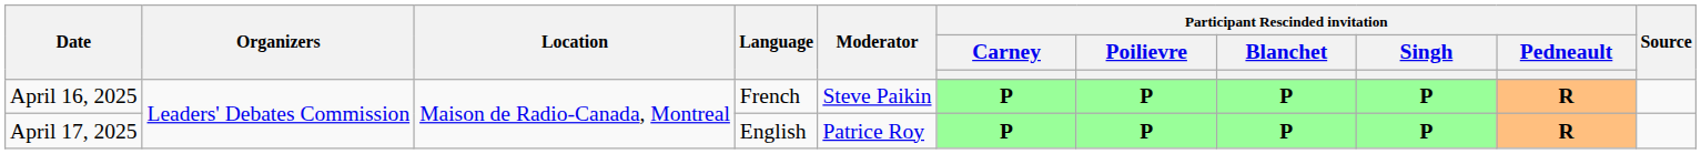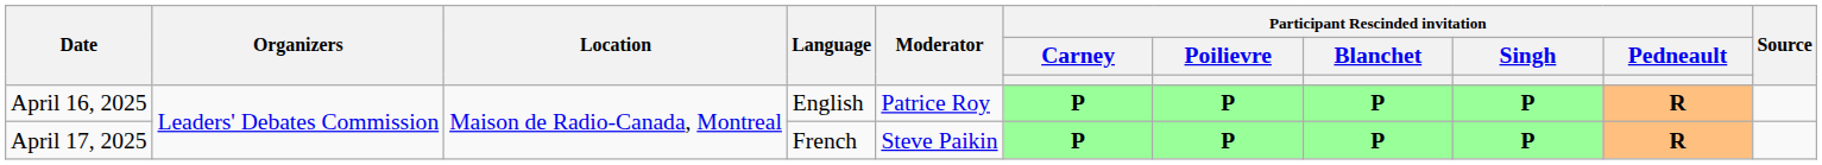 <table class="wikitable" style="text-justify: none">
 <tr style="font-size:small;">
 <th rowspan="3">Date</th>
 <th rowspan="3">Organizers</th>
 <th rowspan="3">Location</th>
 <th rowspan="3">Language</th>
 <th rowspan="3">Moderator</th>
 <th colspan="5"><small> Participant  Rescinded invitation </small></th>
 <th rowspan="3">Source</th>
 </tr>
 <tr>
 <th style="width:6em;"><a href='#'>Carney</a></th>
 <th style="width:6em;"><a href='#'>Poilievre</a></th>
 <th style="width:6em;"><a href='#'>Blanchet</a></th>
 <th style="width:6em;"><a href='#'>Singh</a></th>
 <th style="width:6em;"><a href='#'>Pedneault</a></th>
 </tr>
 <tr>
 <th style="background:"></th>
 <th style="background:"></th>
 <th style="background:"></th>
 <th style="background:"></th>
 <th style="background:"></th>
 </tr>
 <tr>
 <td>April 16, 2025</td>
 <td rowspan=2><a href='#'>Leaders' Debates Commission</a></td>
 <td rowspan=2><a href='#'>Maison de Radio-Canada</a>, <a href='#'>Montreal</a></td>
+<td>English</td>
+<td><a href='#'>Patrice Roy</a></td>
+<td style="background-color:#99ff99; color:black; text-align:center;"><strong>P</strong></td>
+<td style="background-color:#99ff99; color:black; text-align:center;"><strong>P</strong></td>
+<td style="background-color:#99ff99; color:black; text-align:center;"><strong>P</strong></td>
+<td style="background-color:#99ff99; color:black; text-align:center;"><strong>P</strong></td>
+<td style="background-color:#FFBF7F; color:black; text-align:center;"><strong>R</strong></td>
+<td></td>
+</tr>
+<tr>
+<td>April 17, 2025</td>
 <td>French</td>
 <td><a href='#'>Steve Paikin</a></td>
 <td style="background-color:#99ff99; color:black; text-align:center;"><strong>P</strong></td>
 <td style="background-color:#99ff99; color:black; text-align:center;"><strong>P</strong></td>
 <td style="background-color:#99ff99; color:black; text-align:center;"><strong>P</strong></td>
 <td style="background-color:#99ff99; color:black; text-align:center;"><strong>P</strong></td>
 <td style="background-color:#FFBF7F; color:black; text-align:center;"><strong>R</strong></td>
 <td></td>
 </tr>
-<tr>
-<td>April 17, 2025</td>
-<td>English</td>
-<td><a href='#'>Patrice Roy</a></td>
-<td style="background-color:#99ff99; color:black; text-align:center;"><strong>P</strong></td>
-<td style="background-color:#99ff99; color:black; text-align:center;"><strong>P</strong></td>
-<td style="background-color:#99ff99; color:black; text-align:center;"><strong>P</strong></td>
-<td style="background-color:#99ff99; color:black; text-align:center;"><strong>P</strong></td>
-<td style="background-color:#FFBF7F; color:black; text-align:center;"><strong>R</strong></td>
-<td></td>
-</tr>
 </table>
